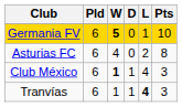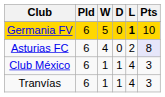 <table class="wikitable" style="text-align: center;">
 <tr>
 <th>Club</th>
 <th>Pld</th>
 <th>W</th>
 <th>D</th>
 <th>L</th>
 <th>Pts</th>
 </tr>
 <tr>
 </tr>
 <tr style="background:gold;">
 <td><a href='#'>Germania FV</a></td>
 <td>6</td>
-<td><strong>5</strong></td>
+<td>5</td>
 <td>0</td>
-<td>1</td>
+<td><strong>1</strong></td>
 <td>10</td>
 </tr>
 <tr>
 <td><a href='#'>Asturias FC</a></td>
 <td>6</td>
 <td>4</td>
 <td>0</td>
 <td>2</td>
-<td>8</td>
+<td style="background: lavender;">8</td>
 </tr>
 <tr>
 <td><a href='#'>Club México</a></td>
 <td>6</td>
-<td><strong>1</strong></td>
+<td>1</td>
 <td>1</td>
 <td>4</td>
 <td>3</td>
 </tr>
 <tr>
 <td>Tranvías</td>
 <td>6</td>
 <td>1</td>
 <td>1</td>
-<td><strong>4</strong></td>
+<td>4</td>
 <td>3</td>
 </tr>
 </table>
